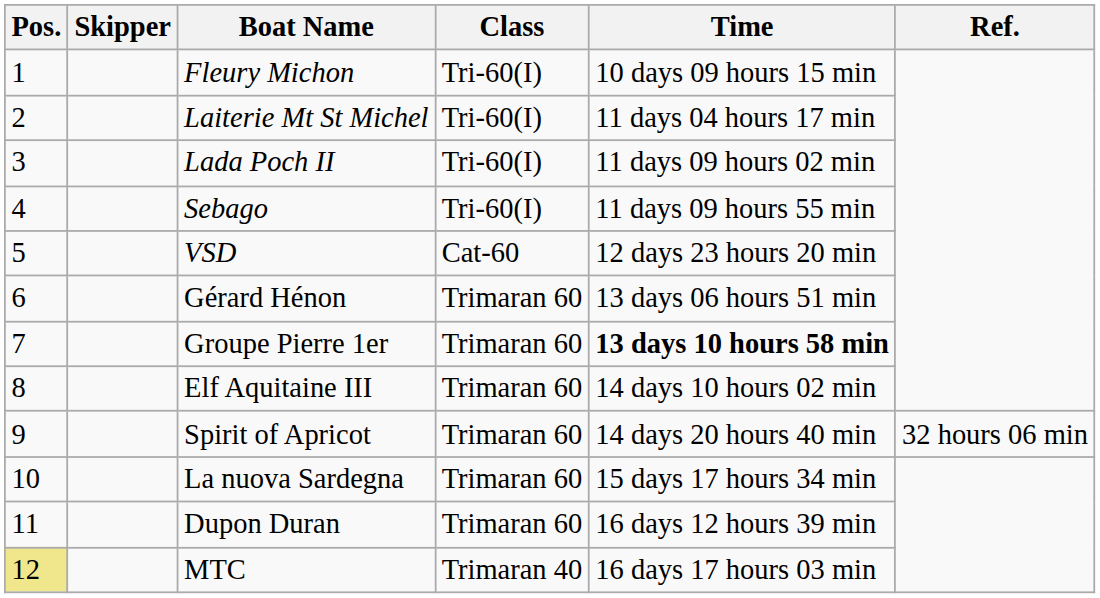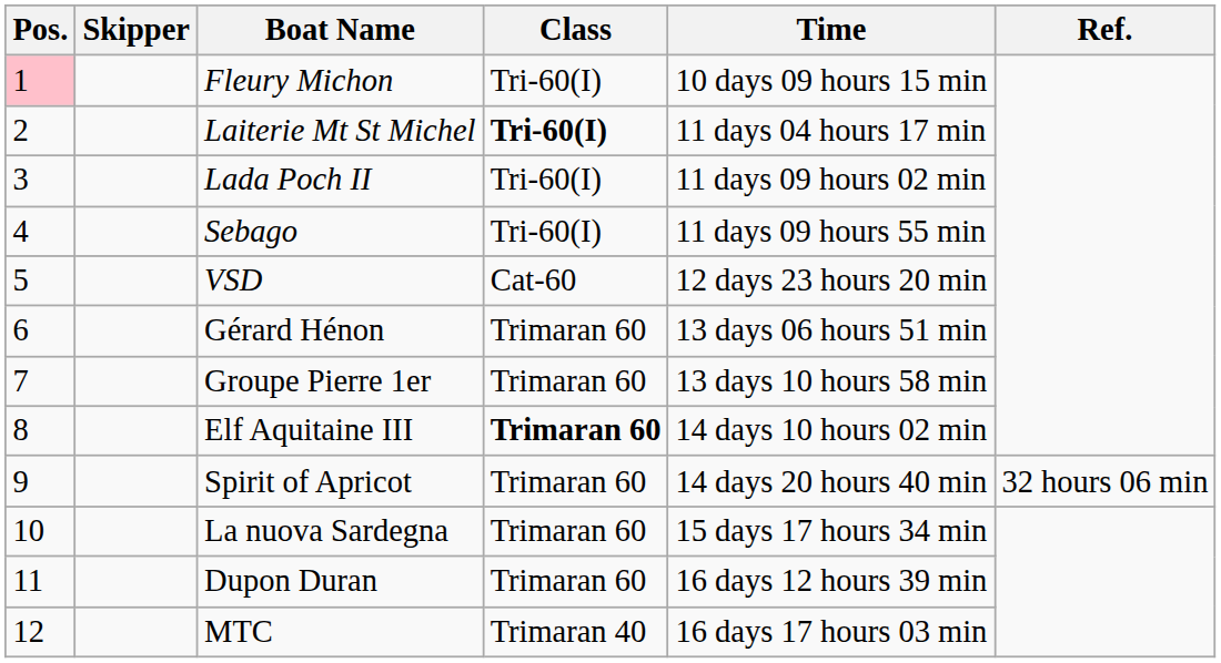 <table class=wikitable>
 <tr>
 <th>Pos.</th>
 <th>Skipper</th>
 <th>Boat Name</th>
 <th>Class</th>
 <th>Time</th>
 <th>Ref.</th>
 </tr>
 <tr>
-<td>1</td>
+<td style="background: pink;">1</td>
 <td></td>
 <td><em>Fleury Michon</em></td>
 <td>Tri-60(I)</td>
 <td>10 days 09 hours 15 min</td>
 </tr>
 <tr>
 <td>2</td>
 <td></td>
 <td><em>Laiterie Mt St Michel</em></td>
-<td>Tri-60(I)</td>
+<td><strong>Tri-60(I)</strong></td>
 <td>11 days 04 hours 17 min</td>
 </tr>
 <tr>
 <td>3</td>
 <td></td>
 <td><em>Lada Poch II</em></td>
 <td>Tri-60(I)</td>
 <td>11 days 09 hours 02 min</td>
 </tr>
 <tr>
 <td>4</td>
 <td></td>
 <td><em>Sebago</em></td>
 <td>Tri-60(I)</td>
 <td>11 days 09 hours 55 min</td>
 </tr>
 <tr>
 <td>5</td>
 <td></td>
 <td><em>VSD</em></td>
 <td>Cat-60</td>
 <td>12 days 23 hours 20 min</td>
 </tr>
 <tr>
 <td>6</td>
 <td></td>
 <td>Gérard Hénon</td>
 <td>Trimaran 60</td>
 <td>13 days 06 hours 51 min</td>
 </tr>
 <tr>
 <td>7</td>
 <td></td>
 <td>Groupe Pierre 1er</td>
 <td>Trimaran 60</td>
-<td><strong>13 days 10 hours 58 min</strong></td>
+<td>13 days 10 hours 58 min</td>
 </tr>
 <tr>
 <td>8</td>
 <td></td>
 <td>Elf Aquitaine III</td>
-<td>Trimaran 60</td>
+<td><strong>Trimaran 60</strong></td>
 <td>14 days 10 hours 02 min</td>
 </tr>
 <tr>
 <td>9</td>
 <td></td>
 <td>Spirit of Apricot</td>
 <td>Trimaran 60</td>
 <td>14 days 20 hours 40 min</td>
 <td>32 hours 06 min</td>
 </tr>
 <tr>
 <td>10</td>
 <td></td>
 <td>La nuova Sardegna</td>
 <td>Trimaran 60</td>
 <td>15 days 17 hours 34 min</td>
 </tr>
 <tr>
 <td>11</td>
 <td></td>
 <td>Dupon Duran</td>
 <td>Trimaran 60</td>
 <td>16 days 12 hours 39 min</td>
 </tr>
 <tr>
-<td style="background: khaki;">12</td>
+<td>12</td>
 <td></td>
 <td>MTC</td>
 <td>Trimaran 40</td>
 <td>16 days 17 hours 03 min</td>
 </tr>
 </table>
